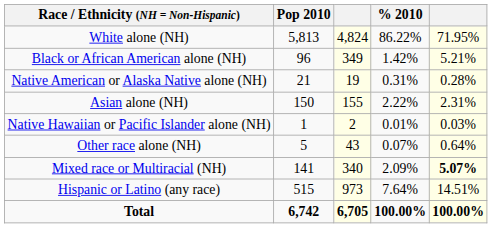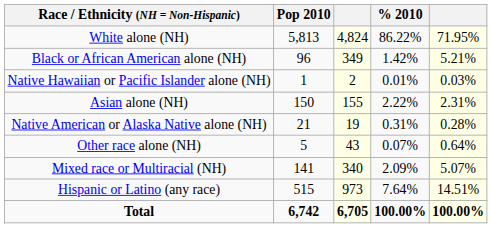 <table class="wikitable" style="text-align:center;">
 <tr>
 <th>Race / Ethnicity <small>(<em>NH = Non-Hispanic</em>)</small></th>
 <th>Pop 2010</th>
 <th></th>
 <th>% 2010</th>
 <th></th>
 </tr>
 <tr>
 <td><a href='#'>White</a> alone (NH)</td>
 <td>5,813</td>
 <td style='background: #ffffe6;'>4,824</td>
 <td>86.22%</td>
 <td style='background: #ffffe6;'>71.95%</td>
 </tr>
 <tr>
 <td><a href='#'>Black or African American</a> alone (NH)</td>
 <td>96</td>
 <td style='background: #ffffe6;'>349</td>
 <td>1.42%</td>
 <td style='background: #ffffe6;'>5.21%</td>
 </tr>
 <tr>
-<td><a href='#'>Native American</a> or <a href='#'>Alaska Native</a> alone (NH)</td>
-<td>21</td>
-<td style='background: #ffffe6;'>19</td>
-<td>0.31%</td>
-<td style='background: #ffffe6;'>0.28%</td>
+<td><a href='#'>Native Hawaiian</a> or <a href='#'>Pacific Islander</a> alone (NH)</td>
+<td>1</td>
+<td style='background: #ffffe6;'>2</td>
+<td>0.01%</td>
+<td style='background: #ffffe6;'>0.03%</td>
 </tr>
 <tr>
 <td><a href='#'>Asian</a> alone (NH)</td>
 <td>150</td>
 <td style='background: #ffffe6;'>155</td>
 <td>2.22%</td>
 <td style='background: #ffffe6;'>2.31%</td>
 </tr>
 <tr>
-<td><a href='#'>Native Hawaiian</a> or <a href='#'>Pacific Islander</a> alone (NH)</td>
-<td>1</td>
-<td style='background: #ffffe6;'>2</td>
-<td>0.01%</td>
-<td style='background: #ffffe6;'>0.03%</td>
+<td><a href='#'>Native American</a> or <a href='#'>Alaska Native</a> alone (NH)</td>
+<td>21</td>
+<td style='background: #ffffe6;'>19</td>
+<td>0.31%</td>
+<td style='background: #ffffe6;'>0.28%</td>
 </tr>
 <tr>
 <td><a href='#'>Other race</a> alone (NH)</td>
 <td>5</td>
 <td style='background: #ffffe6;'>43</td>
 <td>0.07%</td>
 <td style='background: #ffffe6;'>0.64%</td>
 </tr>
 <tr>
 <td><a href='#'>Mixed race or Multiracial</a> (NH)</td>
 <td>141</td>
 <td style='background: #ffffe6;'>340</td>
 <td>2.09%</td>
-<td style='background: #ffffe6;'><strong>5.07%</strong></td>
+<td style='background: #ffffe6;'>5.07%</td>
 </tr>
 <tr>
 <td><a href='#'>Hispanic or Latino</a> (any race)</td>
 <td>515</td>
 <td style='background: #ffffe6;'>973</td>
 <td>7.64%</td>
 <td style='background: #ffffe6;'>14.51%</td>
 </tr>
 <tr>
 <td><strong>Total</strong></td>
 <td><strong>6,742</strong></td>
 <td style='background: #ffffe6;'><strong>6,705</strong></td>
 <td><strong>100.00%</strong></td>
 <td style='background: #ffffe6;'><strong>100.00%</strong></td>
 </tr>
 </table>
